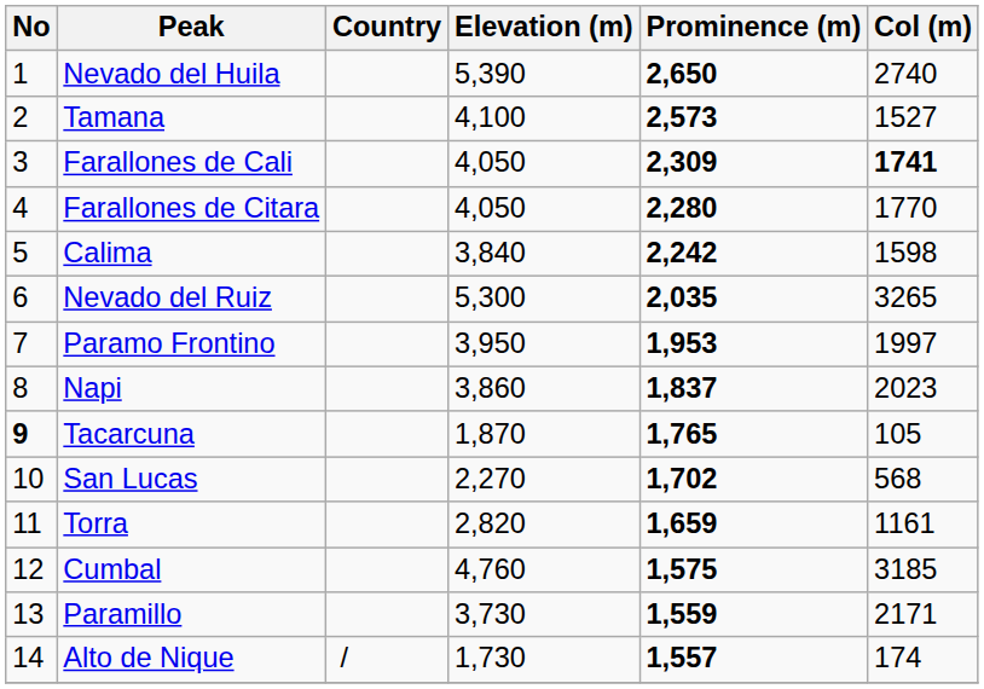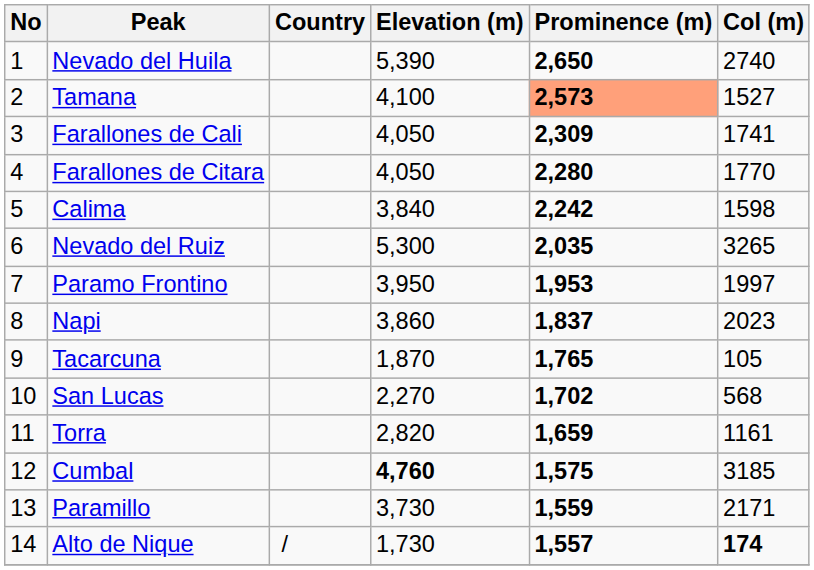 <table class="wikitable sortable">
 <tr>
 <th>No</th>
 <th>Peak</th>
 <th>Country</th>
 <th>Elevation (m)</th>
 <th>Prominence (m)</th>
 <th>Col (m)</th>
 </tr>
 <tr>
 <td>1</td>
 <td><a href='#'>Nevado del Huila</a></td>
 <td></td>
 <td>5,390</td>
 <td><strong>2,650</strong></td>
 <td>2740</td>
 </tr>
 <tr>
 <td>2</td>
 <td><a href='#'>Tamana</a></td>
 <td></td>
 <td>4,100</td>
-<td><strong>2,573</strong></td>
+<td style="background: lightsalmon;"><strong>2,573</strong></td>
 <td>1527</td>
 </tr>
 <tr>
 <td>3</td>
 <td><a href='#'>Farallones de Cali</a></td>
 <td></td>
 <td>4,050</td>
 <td><strong>2,309</strong></td>
-<td><strong>1741</strong></td>
+<td>1741</td>
 </tr>
 <tr>
 <td>4</td>
 <td><a href='#'>Farallones de Citara</a></td>
 <td></td>
 <td>4,050</td>
 <td><strong>2,280</strong></td>
 <td>1770</td>
 </tr>
 <tr>
 <td>5</td>
 <td><a href='#'>Calima</a></td>
 <td></td>
 <td>3,840</td>
 <td><strong>2,242</strong></td>
 <td>1598</td>
 </tr>
 <tr>
 <td>6</td>
 <td><a href='#'>Nevado del Ruiz</a></td>
 <td></td>
 <td>5,300</td>
 <td><strong>2,035</strong></td>
 <td>3265</td>
 </tr>
 <tr>
 <td>7</td>
 <td><a href='#'>Paramo Frontino</a></td>
 <td></td>
 <td>3,950</td>
 <td><strong>1,953</strong></td>
 <td>1997</td>
 </tr>
 <tr>
 <td>8</td>
 <td><a href='#'>Napi</a></td>
 <td></td>
 <td>3,860</td>
 <td><strong>1,837</strong></td>
 <td>2023</td>
 </tr>
 <tr>
-<td><strong>9</strong></td>
+<td>9</td>
 <td><a href='#'>Tacarcuna</a></td>
 <td></td>
 <td>1,870</td>
 <td><strong>1,765</strong></td>
 <td>105</td>
 </tr>
 <tr>
 <td>10</td>
 <td><a href='#'>San Lucas</a></td>
 <td></td>
 <td>2,270</td>
 <td><strong>1,702</strong></td>
 <td>568</td>
 </tr>
 <tr>
 <td>11</td>
 <td><a href='#'>Torra</a></td>
 <td></td>
 <td>2,820</td>
 <td><strong>1,659</strong></td>
 <td>1161</td>
 </tr>
 <tr>
 <td>12</td>
 <td><a href='#'>Cumbal</a></td>
 <td></td>
-<td>4,760</td>
+<td><strong>4,760</strong></td>
 <td><strong>1,575</strong></td>
 <td>3185</td>
 </tr>
 <tr>
 <td>13</td>
 <td><a href='#'>Paramillo</a></td>
 <td></td>
 <td>3,730</td>
 <td><strong>1,559</strong></td>
 <td>2171</td>
 </tr>
 <tr>
 <td>14</td>
 <td><a href='#'>Alto de Nique</a></td>
 <td> / </td>
 <td>1,730</td>
 <td><strong>1,557</strong></td>
-<td>174</td>
+<td><strong>174</strong></td>
 </tr>
 <tr>
 </tr>
 </table>
